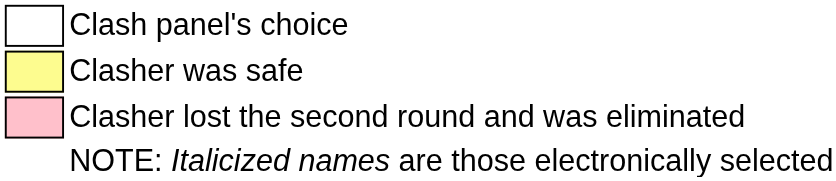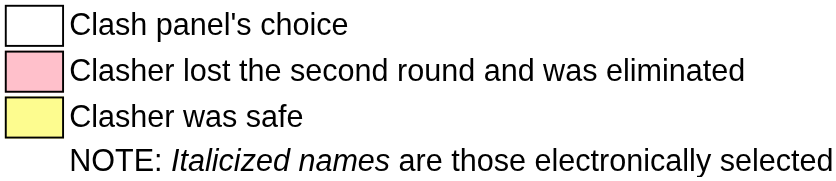 <table class="toccolours" style="white-space: nowrap;">
 <tr>
 <td style="background:white; border: 1px solid black;"> <strong></strong> </td>
 <td>Clash panel's choice</td>
 </tr>
 <tr>
+<td style="background:pink; border:1px solid black;">      </td>
+<td>Clasher lost the second round and was eliminated</td>
+</tr>
+<tr>
 <td style="background:#fdfc8f; border: 1px solid black">    </td>
 <td>Clasher was safe</td>
-</tr>
-<tr>
-<td style="background:pink; border:1px solid black;">      </td>
-<td>Clasher lost the second round and was eliminated</td>
 </tr>
 <tr>
 <td style="background:none; border: 0px solid black">    </td>
 <td>NOTE: <em>Italicized names</em> are those electronically selected</td>
 </tr>
 </table>
